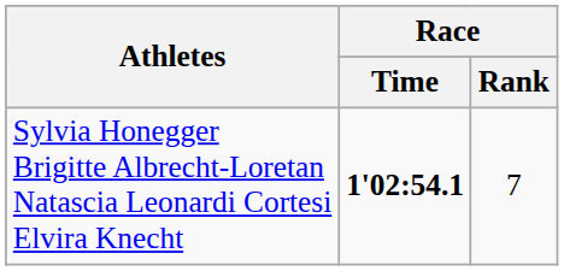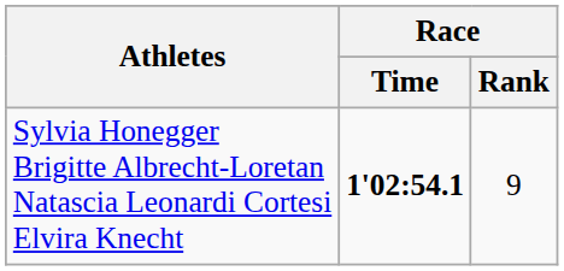 <table class="wikitable" border="1" style="font-size:90%">
 <tr>
 <th rowspan=2>Athletes</th>
 <th colspan=2>Race</th>
 </tr>
 <tr>
 <th>Time</th>
 <th>Rank</th>
 </tr>
 <tr>
 <td><a href='#'>Sylvia Honegger</a><br><a href='#'>Brigitte Albrecht-Loretan</a><br><a href='#'>Natascia Leonardi Cortesi</a><br><a href='#'>Elvira Knecht</a></td>
 <td align=center><strong>1'02:54.1</strong></td>
-<td align=center>7</td>
+<td align=center>9</td>
 </tr>
 </table>
